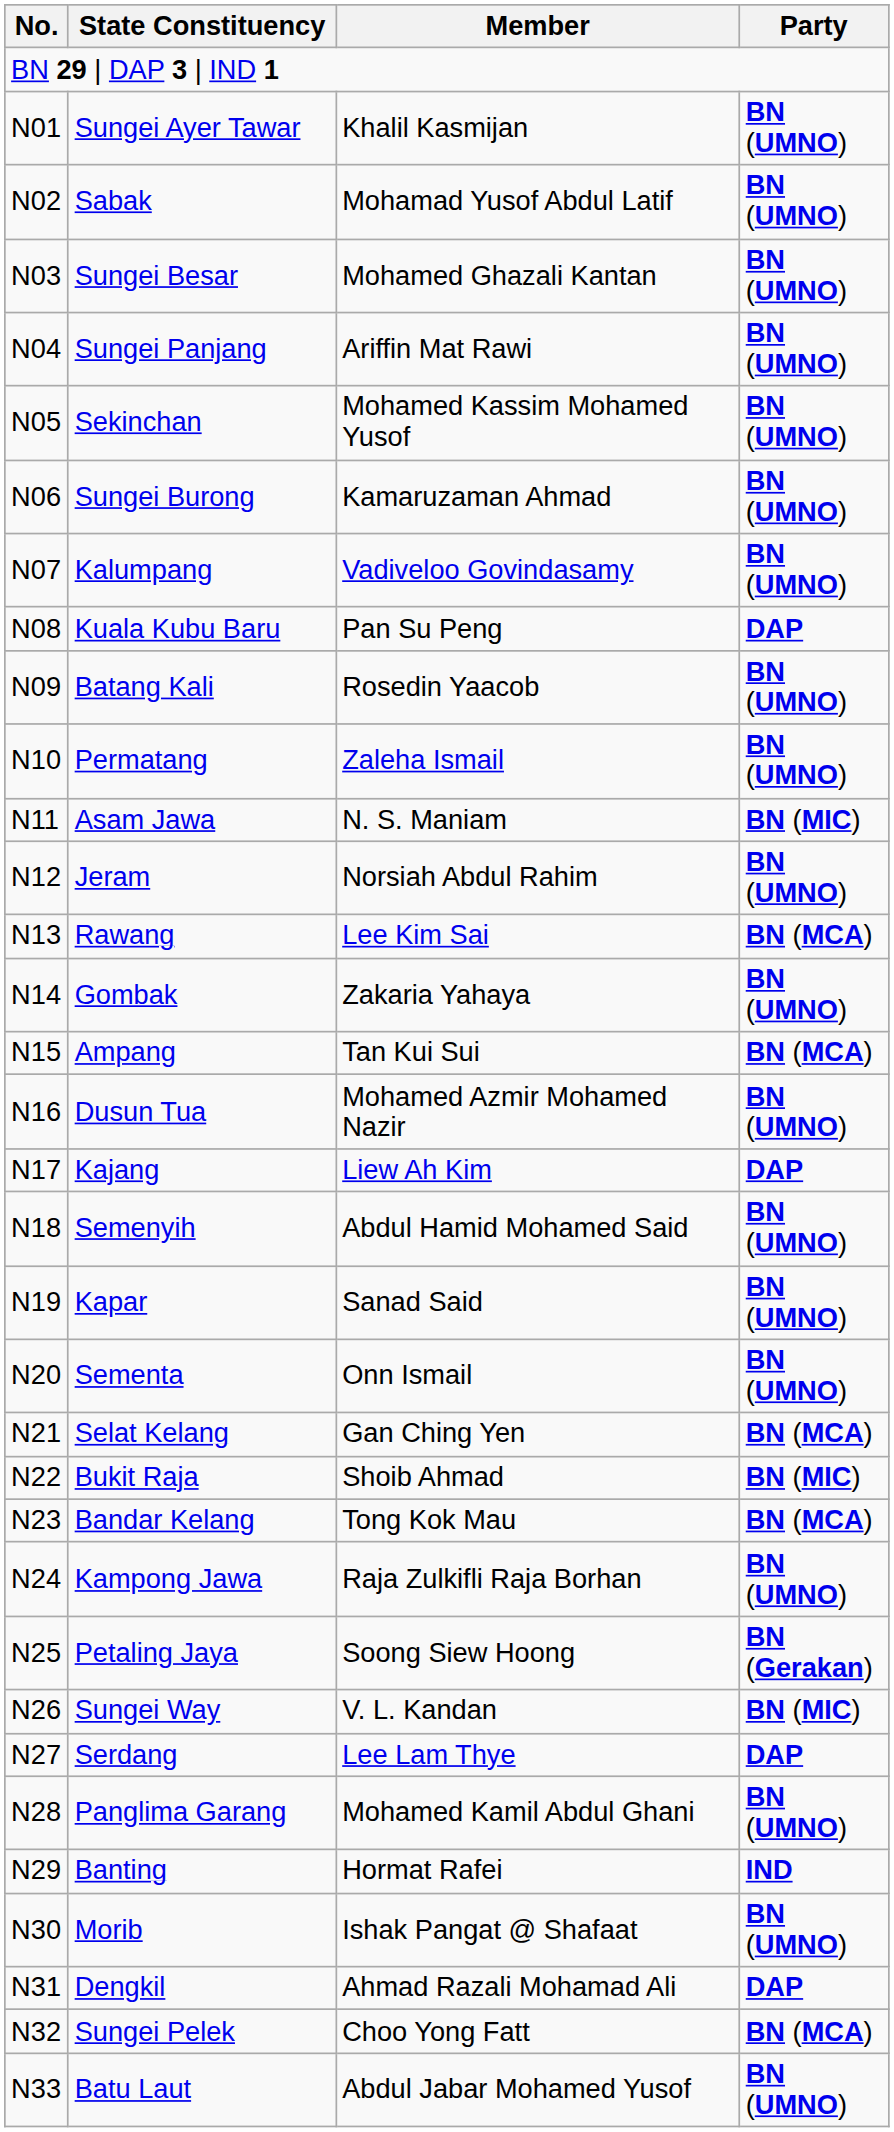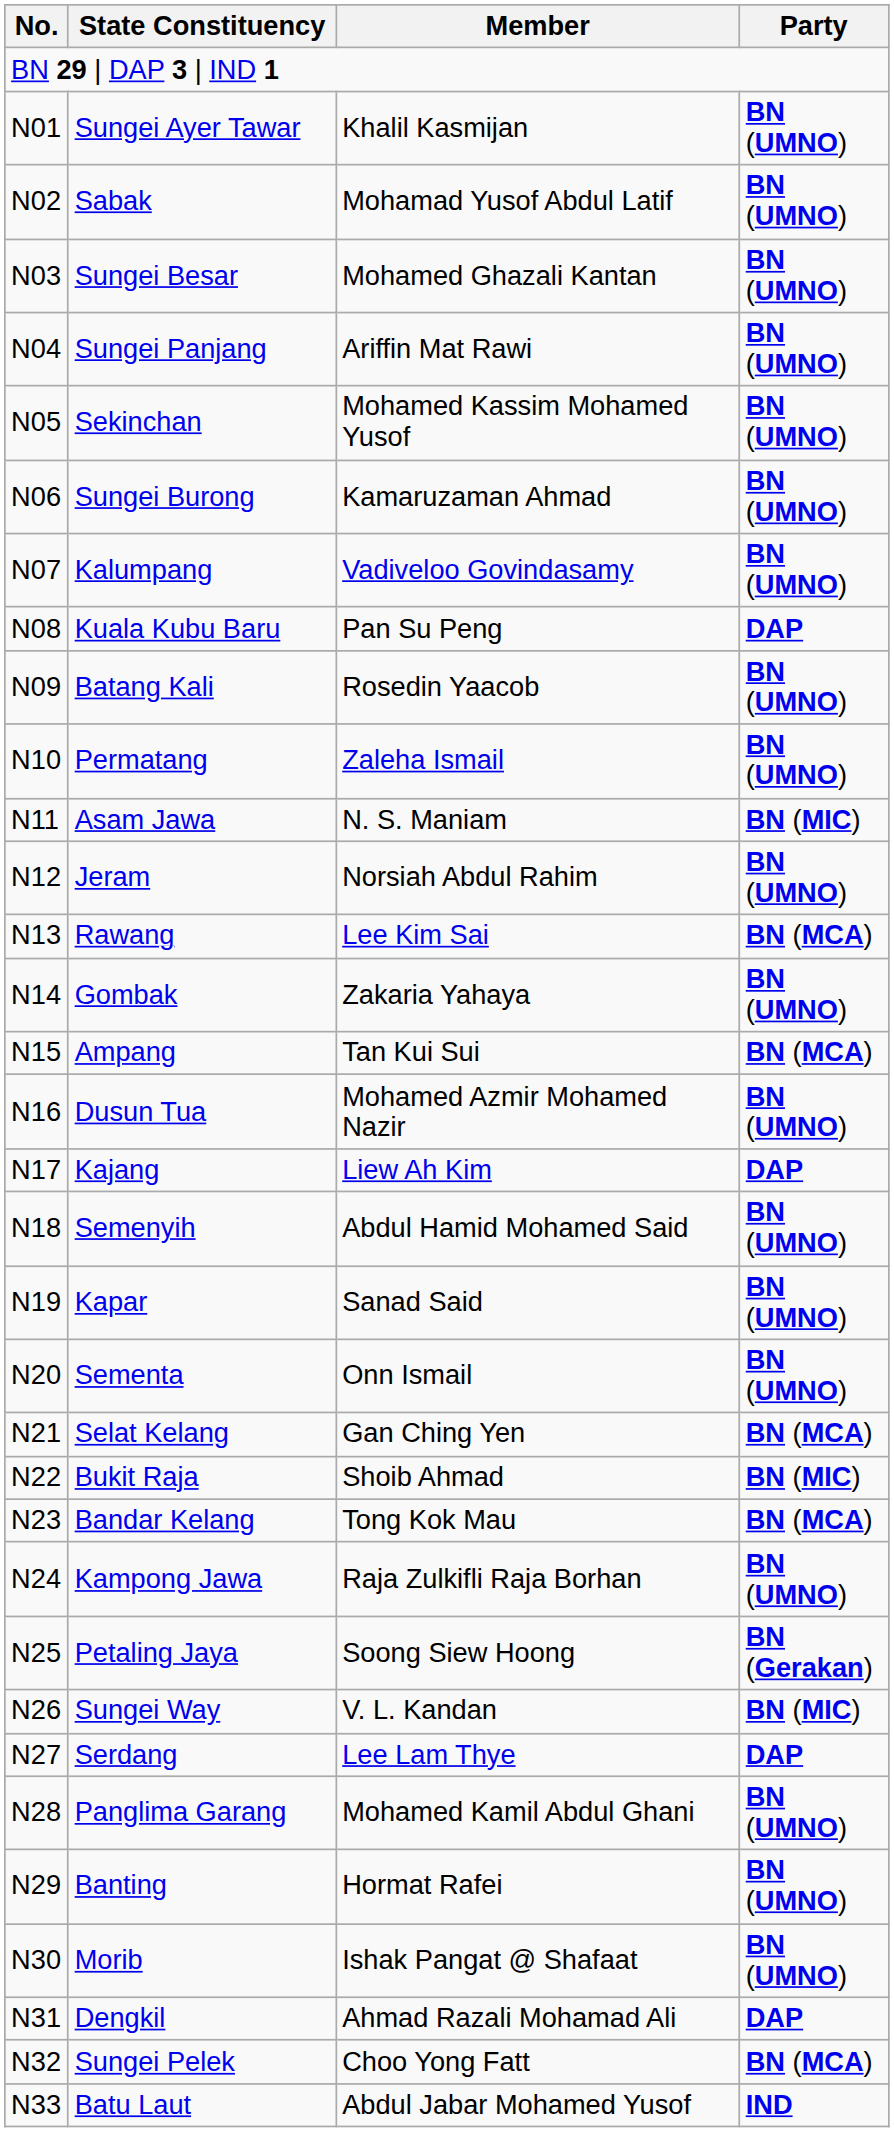 <table class="wikitable sortable">
 <tr>
 <th style="width:30px;">No.</th>
 <th style="width:150px;">State Constituency</th>
 <th style="width:230px;">Member</th>
 <th style="width:80px;">Party</th>
 </tr>
 <tr>
 <td colspan="4"><a href='#'>BN</a> <strong>29</strong> | <a href='#'>DAP</a> <strong>3</strong> | <a href='#'>IND</a> <strong>1</strong></td>
 </tr>
 <tr>
 <td>N01</td>
 <td><a href='#'>Sungei Ayer Tawar</a></td>
 <td>Khalil Kasmijan</td>
 <td><strong><a href='#'>BN</a></strong> (<strong><a href='#'>UMNO</a></strong>)</td>
 </tr>
 <tr>
 <td>N02</td>
 <td><a href='#'>Sabak</a></td>
 <td>Mohamad Yusof Abdul Latif</td>
 <td><strong><a href='#'>BN</a></strong> (<strong><a href='#'>UMNO</a></strong>)</td>
 </tr>
 <tr>
 <td>N03</td>
 <td><a href='#'>Sungei Besar</a></td>
 <td>Mohamed Ghazali Kantan</td>
 <td><strong><a href='#'>BN</a></strong> (<strong><a href='#'>UMNO</a></strong>)</td>
 </tr>
 <tr>
 <td>N04</td>
 <td><a href='#'>Sungei Panjang</a></td>
 <td>Ariffin Mat Rawi</td>
 <td><strong><a href='#'>BN</a></strong> (<strong><a href='#'>UMNO</a></strong>)</td>
 </tr>
 <tr>
 <td>N05</td>
 <td><a href='#'>Sekinchan</a></td>
 <td>Mohamed Kassim Mohamed Yusof</td>
 <td><strong><a href='#'>BN</a></strong> (<strong><a href='#'>UMNO</a></strong>)</td>
 </tr>
 <tr>
 <td>N06</td>
 <td><a href='#'>Sungei Burong</a></td>
 <td>Kamaruzaman Ahmad</td>
 <td><strong><a href='#'>BN</a></strong> (<strong><a href='#'>UMNO</a></strong>)</td>
 </tr>
 <tr>
 <td>N07</td>
 <td><a href='#'>Kalumpang</a></td>
 <td><a href='#'>Vadiveloo Govindasamy</a></td>
 <td><strong><a href='#'>BN</a></strong> (<strong><a href='#'>UMNO</a></strong>)</td>
 </tr>
 <tr>
 <td>N08</td>
 <td><a href='#'>Kuala Kubu Baru</a></td>
 <td>Pan Su Peng</td>
 <td><strong><a href='#'>DAP</a></strong></td>
 </tr>
 <tr>
 <td>N09</td>
 <td><a href='#'>Batang Kali</a></td>
 <td>Rosedin Yaacob</td>
 <td><strong><a href='#'>BN</a></strong> (<strong><a href='#'>UMNO</a></strong>)</td>
 </tr>
 <tr>
 <td>N10</td>
 <td><a href='#'>Permatang</a></td>
 <td><a href='#'>Zaleha Ismail</a></td>
 <td><strong><a href='#'>BN</a></strong> (<strong><a href='#'>UMNO</a></strong>)</td>
 </tr>
 <tr>
 <td>N11</td>
 <td><a href='#'>Asam Jawa</a></td>
 <td>N. S. Maniam</td>
 <td><strong><a href='#'>BN</a></strong> (<strong><a href='#'>MIC</a></strong>)</td>
 </tr>
 <tr>
 <td>N12</td>
 <td><a href='#'>Jeram</a></td>
 <td>Norsiah Abdul Rahim</td>
 <td><strong><a href='#'>BN</a></strong> (<strong><a href='#'>UMNO</a></strong>)</td>
 </tr>
 <tr>
 <td>N13</td>
 <td><a href='#'>Rawang</a></td>
 <td><a href='#'>Lee Kim Sai</a></td>
 <td><strong><a href='#'>BN</a></strong> (<strong><a href='#'>MCA</a></strong>)</td>
 </tr>
 <tr>
 <td>N14</td>
 <td><a href='#'>Gombak</a></td>
 <td>Zakaria Yahaya</td>
 <td><strong><a href='#'>BN</a></strong> (<strong><a href='#'>UMNO</a></strong>)</td>
 </tr>
 <tr>
 <td>N15</td>
 <td><a href='#'>Ampang</a></td>
 <td>Tan Kui Sui</td>
 <td><strong><a href='#'>BN</a></strong> (<strong><a href='#'>MCA</a></strong>)</td>
 </tr>
 <tr>
 <td>N16</td>
 <td><a href='#'>Dusun Tua</a></td>
 <td>Mohamed Azmir Mohamed Nazir</td>
 <td><strong><a href='#'>BN</a></strong> (<strong><a href='#'>UMNO</a></strong>)</td>
 </tr>
 <tr>
 <td>N17</td>
 <td><a href='#'>Kajang</a></td>
 <td><a href='#'>Liew Ah Kim</a></td>
 <td><strong><a href='#'>DAP</a></strong></td>
 </tr>
 <tr>
 <td>N18</td>
 <td><a href='#'>Semenyih</a></td>
 <td>Abdul Hamid Mohamed Said</td>
 <td><strong><a href='#'>BN</a></strong> (<strong><a href='#'>UMNO</a></strong>)</td>
 </tr>
 <tr>
 <td>N19</td>
 <td><a href='#'>Kapar</a></td>
 <td>Sanad Said</td>
 <td><strong><a href='#'>BN</a></strong> (<strong><a href='#'>UMNO</a></strong>)</td>
 </tr>
 <tr>
 <td>N20</td>
 <td><a href='#'>Sementa</a></td>
 <td>Onn Ismail</td>
 <td><strong><a href='#'>BN</a></strong> (<strong><a href='#'>UMNO</a></strong>)</td>
 </tr>
 <tr>
 <td>N21</td>
 <td><a href='#'>Selat Kelang</a></td>
 <td>Gan Ching Yen</td>
 <td><strong><a href='#'>BN</a></strong> (<strong><a href='#'>MCA</a></strong>)</td>
 </tr>
 <tr>
 <td>N22</td>
 <td><a href='#'>Bukit Raja</a></td>
 <td>Shoib Ahmad</td>
 <td><strong><a href='#'>BN</a></strong> (<strong><a href='#'>MIC</a></strong>)</td>
 </tr>
 <tr>
 <td>N23</td>
 <td><a href='#'>Bandar Kelang</a></td>
 <td>Tong Kok Mau</td>
 <td><strong><a href='#'>BN</a></strong> (<strong><a href='#'>MCA</a></strong>)</td>
 </tr>
 <tr>
 <td>N24</td>
 <td><a href='#'>Kampong Jawa</a></td>
 <td>Raja Zulkifli Raja Borhan </td>
 <td><strong><a href='#'>BN</a></strong> (<strong><a href='#'>UMNO</a></strong>)</td>
 </tr>
 <tr>
 <td>N25</td>
 <td><a href='#'>Petaling Jaya</a></td>
 <td>Soong Siew Hoong</td>
 <td><strong><a href='#'>BN</a></strong> (<strong><a href='#'>Gerakan</a></strong>)</td>
 </tr>
 <tr>
 <td>N26</td>
 <td><a href='#'>Sungei Way</a></td>
 <td>V. L. Kandan</td>
 <td><strong><a href='#'>BN</a></strong> (<strong><a href='#'>MIC</a></strong>)</td>
 </tr>
 <tr>
 <td>N27</td>
 <td><a href='#'>Serdang</a></td>
 <td><a href='#'>Lee Lam Thye</a></td>
 <td><strong><a href='#'>DAP</a></strong></td>
 </tr>
 <tr>
 <td>N28</td>
 <td><a href='#'>Panglima Garang</a></td>
 <td>Mohamed Kamil Abdul Ghani</td>
 <td><strong><a href='#'>BN</a></strong> (<strong><a href='#'>UMNO</a></strong>)</td>
 </tr>
 <tr>
 <td>N29</td>
 <td><a href='#'>Banting</a></td>
 <td>Hormat Rafei</td>
-<td><strong><a href='#'>IND</a></strong></td>
+<td><strong><a href='#'>BN</a></strong> (<strong><a href='#'>UMNO</a></strong>)</td>
 </tr>
 <tr>
 <td>N30</td>
 <td><a href='#'>Morib</a></td>
 <td>Ishak Pangat @ Shafaat</td>
 <td><strong><a href='#'>BN</a></strong> (<strong><a href='#'>UMNO</a></strong>)</td>
 </tr>
 <tr>
 <td>N31</td>
 <td><a href='#'>Dengkil</a></td>
 <td>Ahmad Razali Mohamad Ali</td>
 <td><strong><a href='#'>DAP</a></strong></td>
 </tr>
 <tr>
 <td>N32</td>
 <td><a href='#'>Sungei Pelek</a></td>
 <td>Choo Yong Fatt</td>
 <td><strong><a href='#'>BN</a></strong> (<strong><a href='#'>MCA</a></strong>)</td>
 </tr>
 <tr>
 <td>N33</td>
 <td><a href='#'>Batu Laut</a></td>
 <td>Abdul Jabar Mohamed Yusof</td>
-<td><strong><a href='#'>BN</a></strong> (<strong><a href='#'>UMNO</a></strong>)</td>
+<td><strong><a href='#'>IND</a></strong></td>
 </tr>
 </table>
